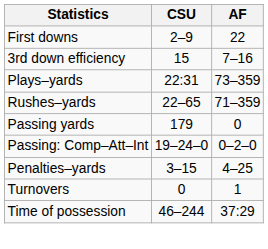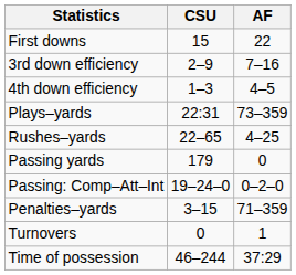 <table class="wikitable">
 <tr>
 <th>Statistics</th>
 <th>CSU</th>
 <th>AF</th>
 </tr>
 <tr>
 <td>First downs</td>
-<td align=center>2–9</td>
+<td align=center>15</td>
 <td align=center>22</td>
 </tr>
 <tr>
 <td>3rd down efficiency</td>
-<td align=center>15</td>
+<td align=center>2–9</td>
 <td align=center>7–16</td>
+</tr>
+<tr>
+<td>4th down efficiency</td>
+<td align=center>1–3</td>
+<td align=center>4–5</td>
 </tr>
 <tr>
 <td>Plays–yards</td>
 <td align=center>22:31</td>
 <td align=center>73–359</td>
 </tr>
 <tr>
 <td>Rushes–yards</td>
 <td align=center>22–65</td>
-<td align=center>71–359</td>
+<td align=center>4–25</td>
 </tr>
 <tr>
 <td>Passing yards</td>
 <td align=center>179</td>
 <td align=center>0</td>
 </tr>
 <tr>
 <td>Passing: Comp–Att–Int</td>
 <td align=center>19–24–0</td>
 <td align=center>0–2–0</td>
 </tr>
 <tr>
 <td>Penalties–yards</td>
 <td align=center>3–15</td>
-<td align=center>4–25</td>
+<td align=center>71–359</td>
 </tr>
 <tr>
 <td>Turnovers</td>
 <td align=center>0</td>
 <td align=center>1</td>
 </tr>
 <tr>
 <td>Time of possession</td>
 <td align=center>46–244</td>
 <td align=center>37:29</td>
 </tr>
 </table>
